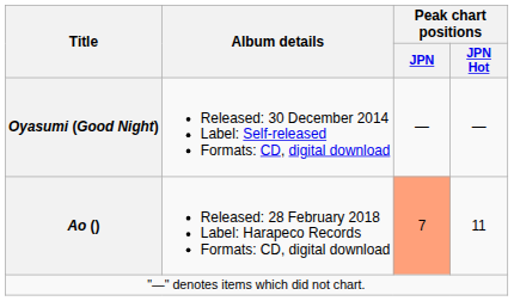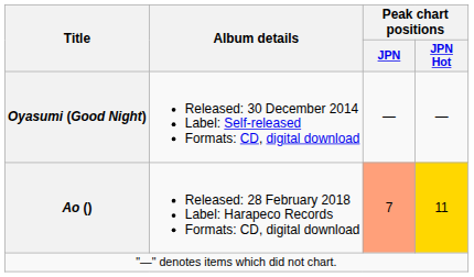 <table class="wikitable plainrowheaders">
 <tr>
 <th scope="col" rowspan="2">Title</th>
 <th scope="col" rowspan="2">Album details</th>
 <th scope="col" colspan="2">Peak chart positions</th>
 </tr>
 <tr>
 <th scope="col" style="width:4em;font-size:90%"><a href='#'>JPN</a><br></th>
 <th scope="col" style="width:4em;font-size:90%"><a href='#'>JPN<br>Hot</a><br></th>
 </tr>
 <tr>
 <th scope="row"><em>Oyasumi</em> (<em>Good Night</em>)<br></th>
 <td><br><ul><li>Released: 30 December 2014</li><li>Label: <a href='#'>Self-released</a></li><li>Formats: <a href='#'>CD</a>, <a href='#'>digital download</a></li></ul></td>
 <td align="center">—</td>
 <td align="center">—</td>
 </tr>
 <tr>
 <th scope="row"><em>Ao</em> ()<br></th>
 <td><br><ul><li>Released: 28 February 2018</li><li>Label: Harapeco Records</li><li>Formats: CD, digital download</li></ul></td>
 <td align="center" style="background: lightsalmon;">7</td>
-<td align="center">11</td>
+<td align="center" style="background: gold;">11</td>
 </tr>
 <tr>
 <td colspan="5" align="center" style="font-size:90%;">"—" denotes items which did not chart.</td>
 </tr>
 </table>
